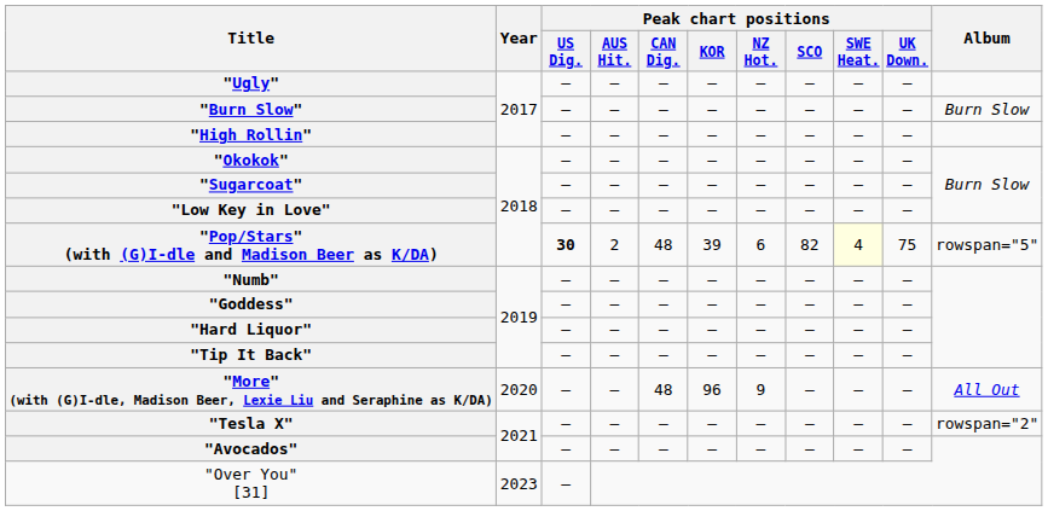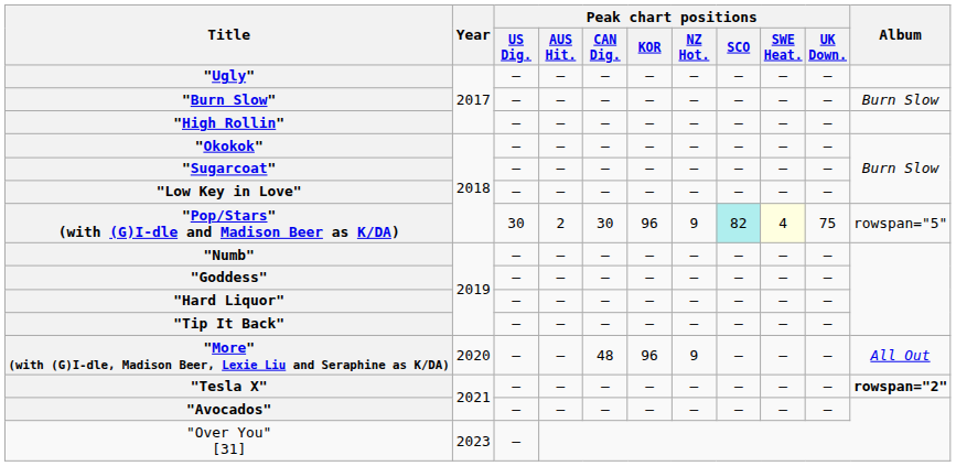 <table class="wikitable plainrowheaders" style="text-align:center;">
 <tr>
 <th rowspan="2">Title</th>
 <th rowspan="2">Year</th>
 <th colspan="8">Peak chart positions</th>
 <th rowspan="2">Album</th>
 </tr>
 <tr>
 <th scope="col" style="width:3em;font-size:90%;"><a href='#'>US</a><br><a href='#'>Dig.</a><br></th>
 <th scope="col" style="width:3em;font-size:90%;"><a href='#'>AUS</a><br><a href='#'>Hit.</a><br></th>
 <th scope="col" style="width:3em;font-size:90%;"><a href='#'>CAN</a><br><a href='#'>Dig.</a><br></th>
 <th scope="col" style="width:3em;font-size:90%;"><a href='#'>KOR</a><br></th>
 <th scope="col" style="width:3em;font-size:90%;"><a href='#'>NZ</a><br><a href='#'>Hot.</a><br></th>
 <th scope="col" style="width:3em;font-size:90%;"><a href='#'>SCO</a><br></th>
 <th scope="col" style="width:3em;font-size:90%;"><a href='#'>SWE</a><br><a href='#'>Heat.</a><br></th>
 <th scope="col" style="width:3em;font-size:90%;"><a href='#'>UK</a><br><a href='#'>Down.</a><br></th>
 </tr>
 <tr>
 <th scope="row">"<a href='#'>Ugly</a>"</th>
 <td rowspan="3">2017</td>
 <td>—</td>
 <td>—</td>
 <td>—</td>
 <td>—</td>
 <td>—</td>
 <td>—</td>
 <td>—</td>
 <td>—</td>
 <td></td>
 </tr>
 <tr>
 <th scope="row">"<a href='#'>Burn Slow</a>"</th>
 <td>—</td>
 <td>—</td>
 <td>—</td>
 <td>—</td>
 <td>—</td>
 <td>—</td>
 <td>—</td>
 <td>—</td>
 <td><em>Burn Slow</em></td>
 </tr>
 <tr>
 <th scope="row">"<a href='#'>High Rollin</a>"</th>
 <td>—</td>
 <td>—</td>
 <td>—</td>
 <td>—</td>
 <td>—</td>
 <td>—</td>
 <td>—</td>
 <td>—</td>
 <td></td>
 </tr>
 <tr>
 <th scope="row">"<a href='#'>Okokok</a>"</th>
 <td rowspan="4">2018</td>
 <td>—</td>
 <td>—</td>
 <td>—</td>
 <td>—</td>
 <td>—</td>
 <td>—</td>
 <td>—</td>
 <td>—</td>
 <td rowspan="3"><em>Burn Slow</em></td>
 </tr>
 <tr>
 <th scope="row">"<a href='#'>Sugarcoat</a>"</th>
 <td>—</td>
 <td>—</td>
 <td>—</td>
 <td>—</td>
 <td>—</td>
 <td>—</td>
 <td>—</td>
 <td>—</td>
 </tr>
 <tr>
 <th scope="row">"Low Key in Love"</th>
 <td>—</td>
 <td>—</td>
 <td>—</td>
 <td>—</td>
 <td>—</td>
 <td>—</td>
 <td>—</td>
 <td>—</td>
 </tr>
 <tr>
 <th scope="row">"<a href='#'>Pop/Stars</a>"<br><span>(with <a href='#'>(G)I-dle</a> and <a href='#'>Madison Beer</a> as <a href='#'>K/DA</a>)</span></th>
-<td><strong>30</strong></td>
+<td>30</td>
 <td>2</td>
-<td>48</td>
-<td>39</td>
-<td>6</td>
-<td>82</td>
+<td>30</td>
+<td>96</td>
+<td>9</td>
+<td style="background: paleturquoise;">82</td>
 <td style="background: lightyellow;">4</td>
 <td>75</td>
 <td>rowspan="5" </td>
 </tr>
 <tr>
 <th scope="row">"Numb"</th>
 <td rowspan="4">2019</td>
 <td>—</td>
 <td>—</td>
 <td>—</td>
 <td>—</td>
 <td>—</td>
 <td>—</td>
 <td>—</td>
 <td>—</td>
 </tr>
 <tr>
 <th scope="row">"Goddess"</th>
 <td>—</td>
 <td>—</td>
 <td>—</td>
 <td>—</td>
 <td>—</td>
 <td>—</td>
 <td>—</td>
 <td>—</td>
 </tr>
 <tr>
 <th scope="row">"Hard Liquor"</th>
 <td>—</td>
 <td>—</td>
 <td>—</td>
 <td>—</td>
 <td>—</td>
 <td>—</td>
 <td>—</td>
 <td>—</td>
 </tr>
 <tr>
 <th scope="row">"Tip It Back"</th>
 <td>—</td>
 <td>—</td>
 <td>—</td>
 <td>—</td>
 <td>—</td>
 <td>—</td>
 <td>—</td>
 <td>—</td>
 </tr>
 <tr>
 <th scope="row">"<a href='#'>More</a>"<br><small>(with (G)I-dle, Madison Beer, <a href='#'>Lexie Liu</a> and Seraphine as K/DA)</small></th>
 <td>2020</td>
 <td>—</td>
 <td>—</td>
 <td>48</td>
 <td>96</td>
 <td>9</td>
 <td>—</td>
 <td>—</td>
 <td>—</td>
 <td><em><a href='#'>All Out</a></em></td>
 </tr>
 <tr>
 <th scope="row">"Tesla X"</th>
 <td rowspan="2">2021</td>
 <td>—</td>
 <td>—</td>
 <td>—</td>
 <td>—</td>
 <td>—</td>
 <td>—</td>
 <td>—</td>
 <td>—</td>
-<td>rowspan="2" </td>
+<td><strong>rowspan="2" </strong></td>
 </tr>
 <tr>
 <th scope=row>"Avocados"</th>
 <td>—</td>
 <td>—</td>
 <td>—</td>
 <td>—</td>
 <td>—</td>
 <td>—</td>
 <td>—</td>
 <td>—</td>
 </tr>
 <tr>
 <td>"Over You"<br>[31]</td>
 <td>2023</td>
 <td>—</td>
 </tr>
 </table>
